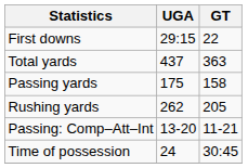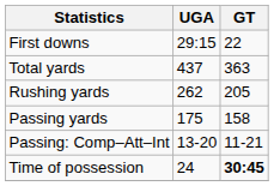 <table class="wikitable" style="float: left;">
 <tr>
 <th>Statistics</th>
 <th>UGA</th>
 <th>GT</th>
 </tr>
 <tr>
 <td>First downs</td>
 <td>29:15</td>
 <td>22</td>
 </tr>
 <tr>
 <td>Total yards</td>
 <td>437</td>
 <td>363</td>
 </tr>
 <tr>
+<td>Rushing yards</td>
+<td>262</td>
+<td>205</td>
+</tr>
+<tr>
 <td>Passing yards</td>
 <td>175</td>
 <td>158</td>
-</tr>
-<tr>
-<td>Rushing yards</td>
-<td>262</td>
-<td>205</td>
 </tr>
 <tr>
 <td>Passing: Comp–Att–Int</td>
 <td>13-20</td>
 <td>11-21</td>
 </tr>
 <tr>
 <td>Time of possession</td>
 <td>24</td>
-<td>30:45</td>
+<td><strong>30:45</strong></td>
 </tr>
 <tr>
 </tr>
 </table>
